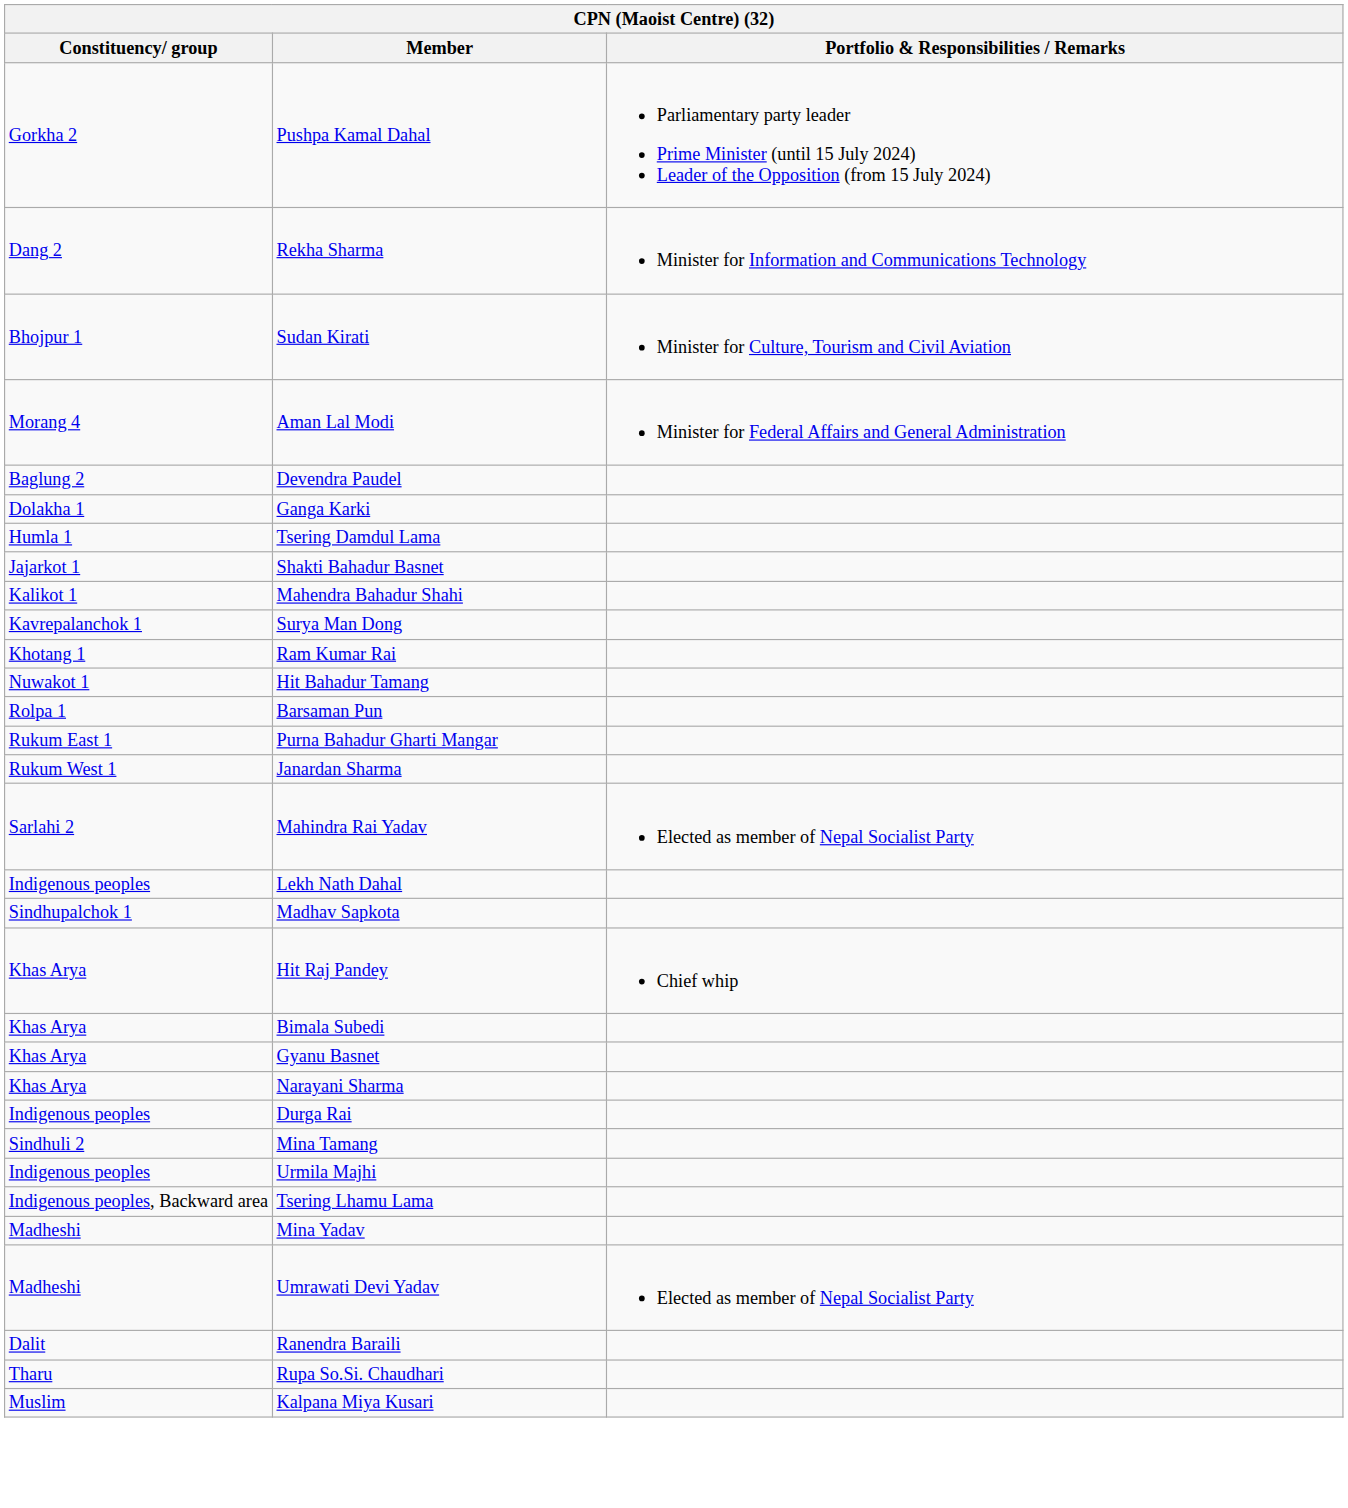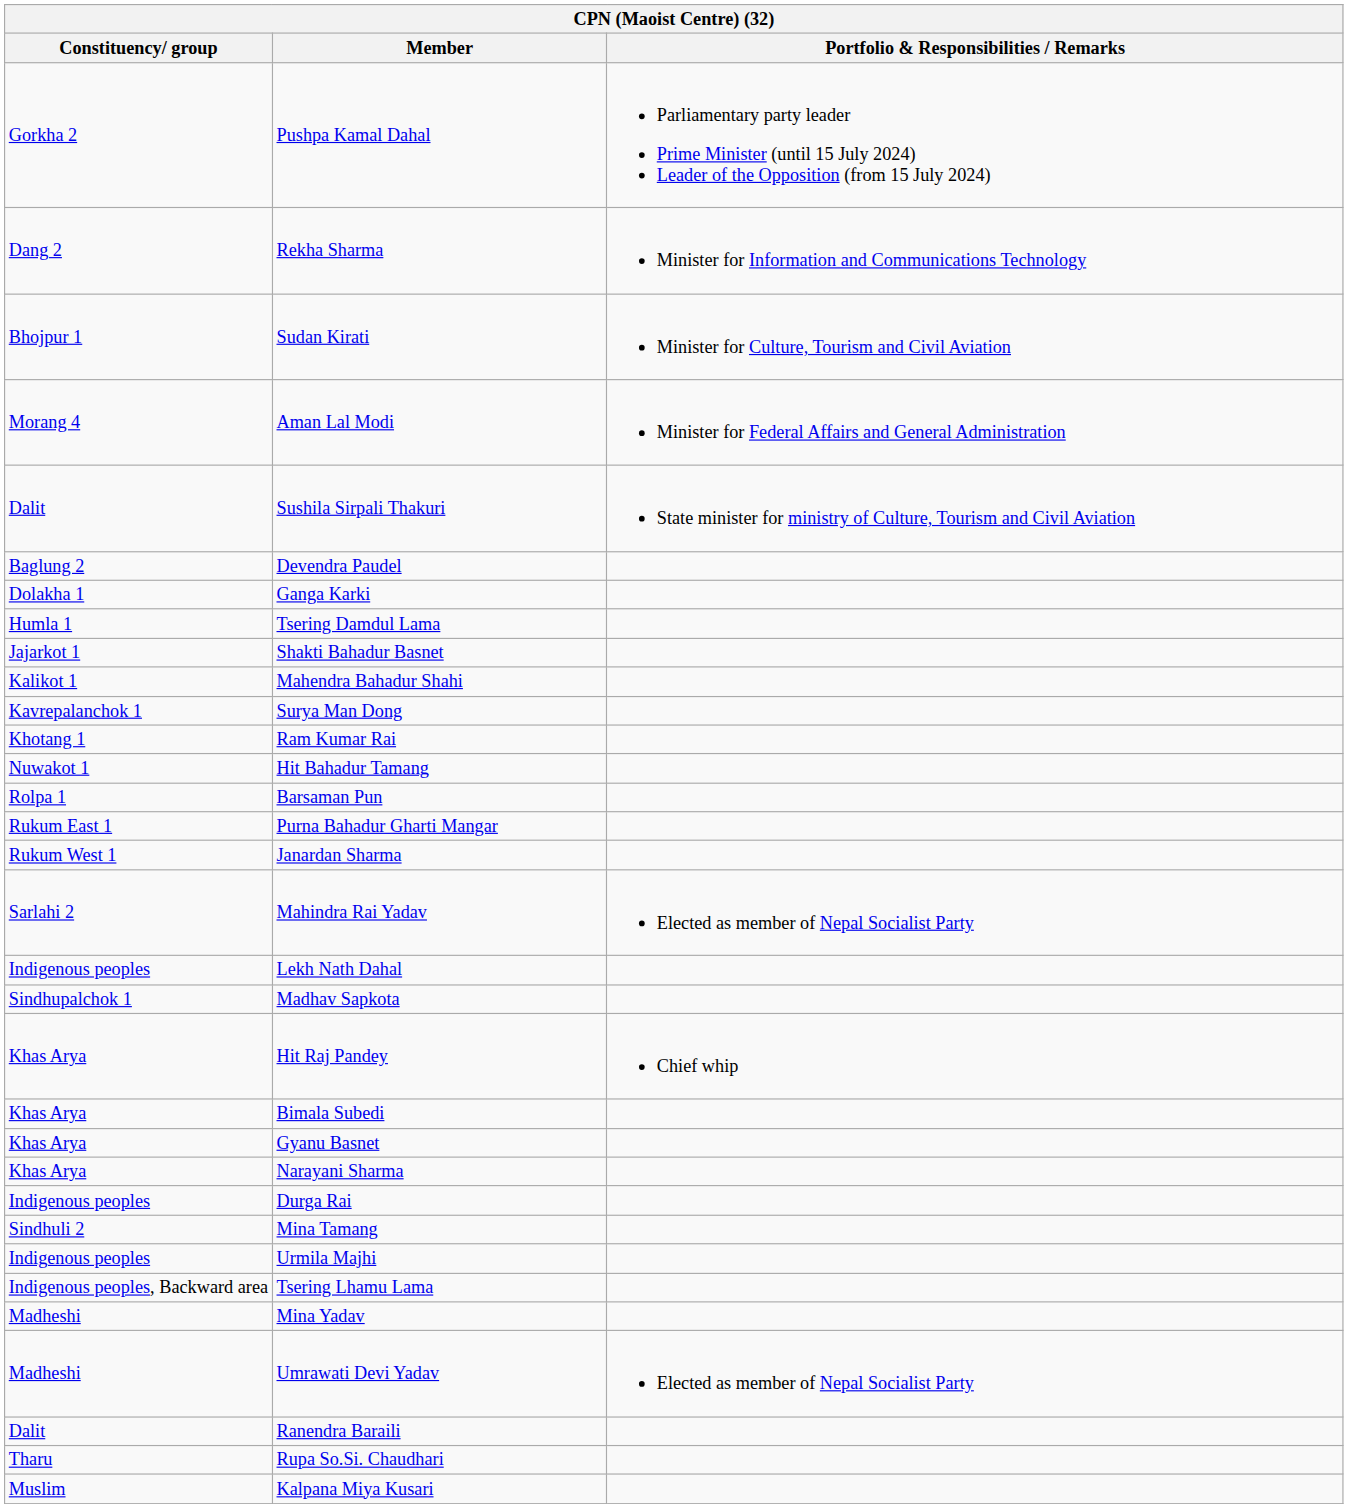 <table class="wikitable sortable mw-collapsible mw-collapsed">
 <tr>
 <th colspan="3" style="width: 800pt; background:">CPN (Maoist Centre) (32)</th>
 </tr>
 <tr>
 <th style="width:20%;">Constituency/ group</th>
 <th style="width:25%;">Member</th>
 <th>Portfolio & Responsibilities / Remarks</th>
 </tr>
 <tr>
 <td><a href='#'>Gorkha 2</a></td>
 <td><a href='#'>Pushpa Kamal Dahal</a></td>
 <td><br><ul><li>Parliamentary party leader</li></ul><ul><li><a href='#'>Prime Minister</a> (until 15 July 2024)</li><li><a href='#'>Leader of the Opposition</a> (from 15 July 2024)</li></ul></td>
 </tr>
 <tr>
 <td><a href='#'>Dang 2</a></td>
 <td><a href='#'>Rekha Sharma</a></td>
 <td><br><ul><li>Minister for <a href='#'>Information and Communications Technology</a></li></ul></td>
 </tr>
 <tr>
 <td><a href='#'>Bhojpur 1</a></td>
 <td><a href='#'>Sudan Kirati</a></td>
 <td><br><ul><li>Minister for <a href='#'>Culture, Tourism and Civil Aviation</a></li></ul></td>
 </tr>
 <tr>
 <td><a href='#'>Morang 4</a></td>
 <td><a href='#'>Aman Lal Modi</a></td>
 <td><br><ul><li>Minister for <a href='#'>Federal Affairs and General Administration</a></li></ul></td>
+</tr>
+<tr>
+<td><a href='#'>Dalit</a></td>
+<td><a href='#'>Sushila Sirpali Thakuri</a></td>
+<td><br><ul><li>State minister for <a href='#'>ministry of Culture, Tourism and Civil Aviation</a></li></ul></td>
 </tr>
 <tr>
 <td><a href='#'>Baglung 2</a></td>
 <td><a href='#'>Devendra Paudel</a></td>
 <td></td>
 </tr>
 <tr>
 <td><a href='#'>Dolakha 1</a></td>
 <td><a href='#'>Ganga Karki</a></td>
 <td></td>
 </tr>
 <tr>
 <td><a href='#'>Humla 1</a></td>
 <td><a href='#'>Tsering Damdul Lama</a></td>
 <td></td>
 </tr>
 <tr>
 <td><a href='#'>Jajarkot 1</a></td>
 <td><a href='#'>Shakti Bahadur Basnet</a></td>
 <td></td>
 </tr>
 <tr>
 <td><a href='#'>Kalikot 1</a></td>
 <td><a href='#'>Mahendra Bahadur Shahi</a></td>
 <td></td>
 </tr>
 <tr>
 <td><a href='#'>Kavrepalanchok 1</a></td>
 <td><a href='#'>Surya Man Dong</a></td>
 <td></td>
 </tr>
 <tr>
 <td><a href='#'>Khotang 1</a></td>
 <td><a href='#'>Ram Kumar Rai</a></td>
 <td></td>
 </tr>
 <tr>
 <td><a href='#'>Nuwakot 1</a></td>
 <td><a href='#'>Hit Bahadur Tamang</a></td>
 <td></td>
 </tr>
 <tr>
 <td><a href='#'>Rolpa 1</a></td>
 <td><a href='#'>Barsaman Pun</a></td>
 <td></td>
 </tr>
 <tr>
 <td><a href='#'>Rukum East 1</a></td>
 <td><a href='#'>Purna Bahadur Gharti Mangar</a></td>
 <td></td>
 </tr>
 <tr>
 <td><a href='#'>Rukum West 1</a></td>
 <td><a href='#'>Janardan Sharma</a></td>
 <td></td>
 </tr>
 <tr>
 <td><a href='#'>Sarlahi 2</a></td>
 <td><a href='#'>Mahindra Rai Yadav</a></td>
 <td><br><ul><li>Elected as member of <a href='#'>Nepal Socialist Party</a></li></ul></td>
 </tr>
 <tr>
 <td><a href='#'>Indigenous peoples</a></td>
 <td><a href='#'>Lekh Nath Dahal</a></td>
 <td></td>
 </tr>
 <tr>
 <td><a href='#'>Sindhupalchok 1</a></td>
 <td><a href='#'>Madhav Sapkota</a></td>
 <td></td>
 </tr>
 <tr>
 <td><a href='#'>Khas Arya</a></td>
 <td><a href='#'>Hit Raj Pandey</a></td>
 <td><br><ul><li>Chief whip</li></ul></td>
 </tr>
 <tr>
 <td><a href='#'>Khas Arya</a></td>
 <td><a href='#'>Bimala Subedi</a></td>
 <td></td>
 </tr>
 <tr>
 <td><a href='#'>Khas Arya</a></td>
 <td><a href='#'>Gyanu Basnet</a></td>
 <td></td>
 </tr>
 <tr>
 <td><a href='#'>Khas Arya</a></td>
 <td><a href='#'>Narayani Sharma</a></td>
 <td></td>
 </tr>
 <tr>
 <td><a href='#'>Indigenous peoples</a></td>
 <td><a href='#'>Durga Rai</a></td>
 <td></td>
 </tr>
 <tr>
 <td><a href='#'>Sindhuli 2</a></td>
 <td><a href='#'>Mina Tamang</a></td>
 <td></td>
 </tr>
 <tr>
 <td><a href='#'>Indigenous peoples</a></td>
 <td><a href='#'>Urmila Majhi</a></td>
 <td></td>
 </tr>
 <tr>
 <td><a href='#'>Indigenous peoples</a>, Backward area</td>
 <td><a href='#'>Tsering Lhamu Lama</a></td>
 <td></td>
 </tr>
 <tr>
 <td><a href='#'>Madheshi</a></td>
 <td><a href='#'>Mina Yadav</a></td>
 <td></td>
 </tr>
 <tr>
 <td><a href='#'>Madheshi</a></td>
 <td><a href='#'>Umrawati Devi Yadav</a></td>
 <td><br><ul><li>Elected as member of <a href='#'>Nepal Socialist Party</a></li></ul></td>
 </tr>
 <tr>
 <td><a href='#'>Dalit</a></td>
 <td><a href='#'>Ranendra Baraili</a></td>
 <td></td>
 </tr>
 <tr>
 <td><a href='#'>Tharu</a></td>
 <td><a href='#'>Rupa So.Si. Chaudhari</a></td>
 <td></td>
 </tr>
 <tr>
 <td><a href='#'>Muslim</a></td>
 <td><a href='#'>Kalpana Miya Kusari</a></td>
 <td></td>
 </tr>
 </table>
